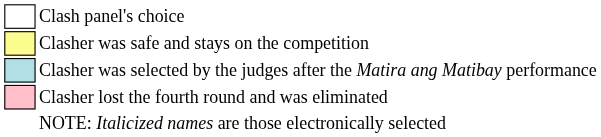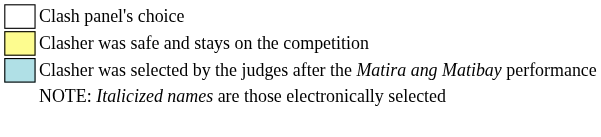 <table class="toccolours" style="white-space: nowrap;">
 <tr>
 <td style="background:white; border: 1px solid black;"> <strong></strong> </td>
 <td>Clash panel's choice</td>
 </tr>
 <tr>
 <td style="background:#fdfc8f; border: 1px solid black">    </td>
 <td>Clasher was safe and stays on the competition</td>
 </tr>
 <tr>
 <td style="background:#b0e0e6; border:1px solid black;">      </td>
 <td>Clasher was selected by the judges after the <em>Matira ang Matibay</em> performance</td>
 </tr>
 <tr>
-<td style="background:pink; border:1px solid black;">      </td>
-<td>Clasher lost the fourth round and was eliminated</td>
-</tr>
-<tr>
 <td style="background:none; border: 0px solid black">    </td>
 <td>NOTE: <em>Italicized names</em> are those electronically selected</td>
 </tr>
 </table>
